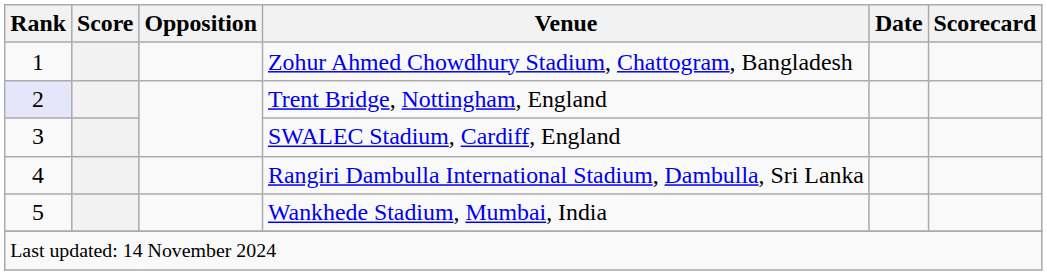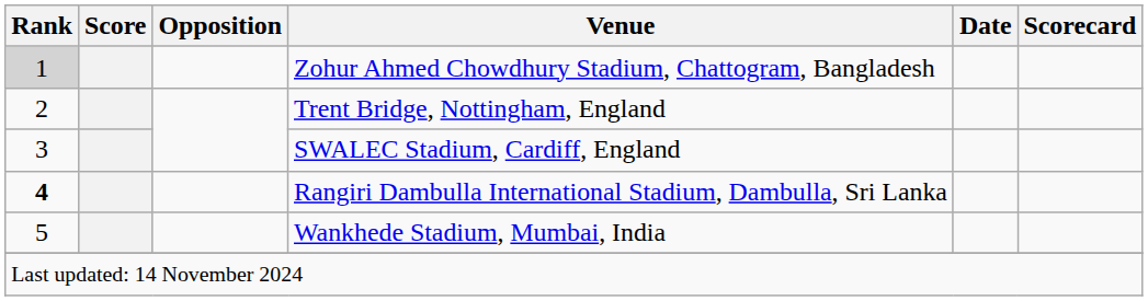 <table class="wikitable plainrowheaders sortable">
 <tr>
 <th scope=col>Rank</th>
 <th scope=col>Score</th>
 <th scope=col>Opposition</th>
 <th scope=col>Venue</th>
 <th scope=col>Date</th>
 <th scope=col>Scorecard</th>
 </tr>
 <tr>
-<td align=center>1</td>
+<td align=center style="background: lightgrey;">1</td>
 <th scope=row style=text-align:center;></th>
 <td></td>
 <td><a href='#'>Zohur Ahmed Chowdhury Stadium</a>, <a href='#'>Chattogram</a>, Bangladesh</td>
 <td></td>
 <td></td>
 </tr>
 <tr>
-<td align=center style="background: lavender;">2</td>
+<td align=center>2</td>
 <th scope=row style=text-align:center;></th>
 <td rowspan=2></td>
 <td><a href='#'>Trent Bridge</a>, <a href='#'>Nottingham</a>, England</td>
 <td></td>
 <td></td>
 </tr>
 <tr>
 <td align=center>3</td>
 <th scope=row style=text-align:center;></th>
 <td><a href='#'>SWALEC Stadium</a>, <a href='#'>Cardiff</a>, England</td>
 <td> </td>
 <td></td>
 </tr>
 <tr>
-<td align=center>4</td>
+<td align=center><strong>4</strong></td>
 <th scope=row style=text-align:center;></th>
 <td></td>
 <td><a href='#'>Rangiri Dambulla International Stadium</a>, <a href='#'>Dambulla</a>, Sri Lanka</td>
 <td></td>
 <td></td>
 </tr>
 <tr>
 <td align=center>5</td>
 <th scope=row style=text-align:center;></th>
 <td></td>
 <td><a href='#'>Wankhede Stadium</a>, <a href='#'>Mumbai</a>, India</td>
 <td> </td>
 <td></td>
 </tr>
 <tr>
 </tr>
 <tr class=sortbottom>
 <td colspan=6><small>Last updated: 14 November 2024</small></td>
 </tr>
 </table>
